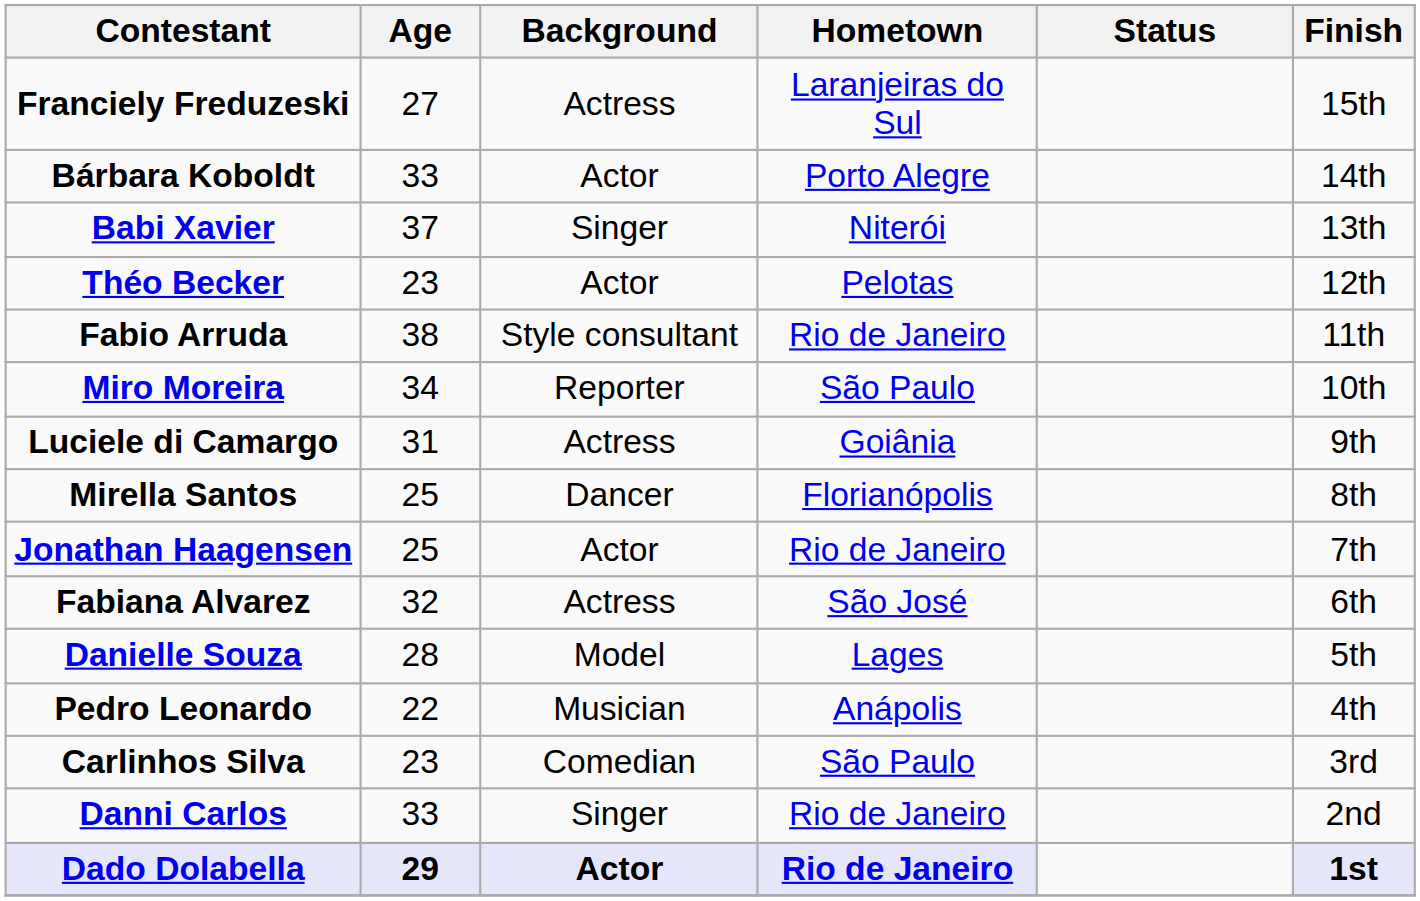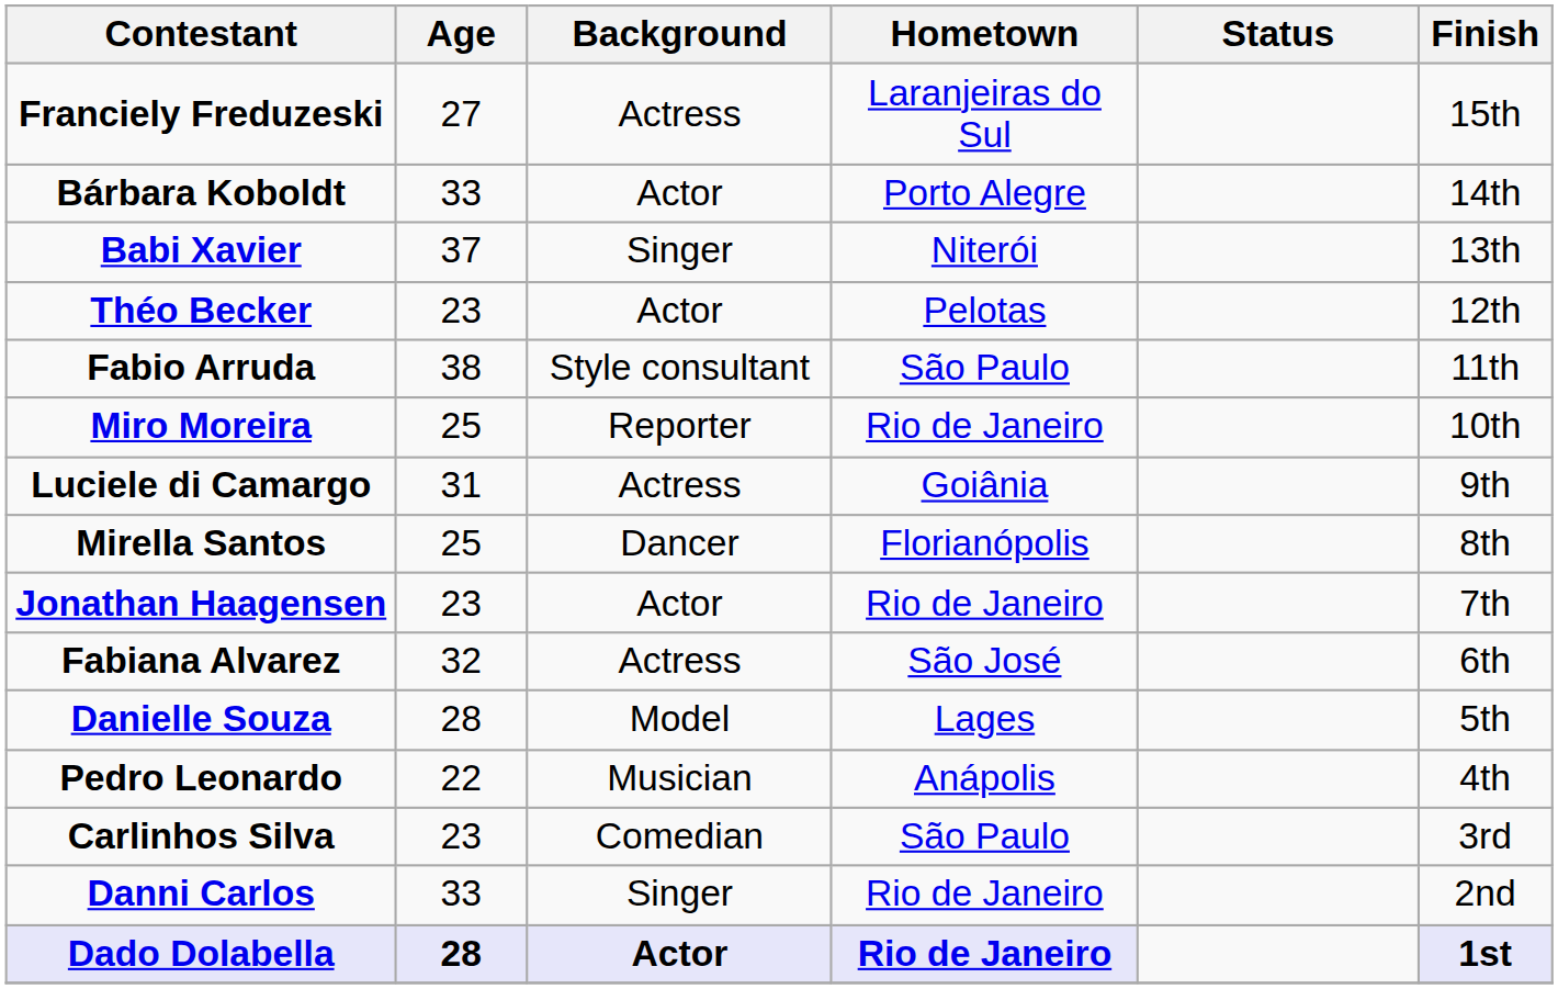 <table class= "wikitable sortable" style="text-align: center; margin:auto; align: center">
 <tr>
 <th width=150>Contestant</th>
 <th width=050>Age</th>
 <th width=125>Background</th>
 <th width=125>Hometown</th>
 <th width=115>Status</th>
 <th width=050>Finish</th>
 </tr>
 <tr>
 <td><strong>Franciely Freduzeski</strong></td>
 <td>27</td>
 <td>Actress</td>
 <td><a href='#'>Laranjeiras do Sul</a></td>
 <td><br></td>
 <td>15th</td>
 </tr>
 <tr>
 <td><strong>Bárbara Koboldt</strong></td>
 <td>33</td>
 <td>Actor</td>
 <td><a href='#'>Porto Alegre</a></td>
 <td><br></td>
 <td>14th</td>
 </tr>
 <tr>
 <td><strong><a href='#'>Babi Xavier</a></strong></td>
 <td>37</td>
 <td>Singer</td>
 <td><a href='#'>Niterói</a></td>
 <td><br></td>
 <td>13th</td>
 </tr>
 <tr>
 <td><strong><a href='#'>Théo Becker</a></strong></td>
 <td>23</td>
 <td>Actor</td>
 <td><a href='#'>Pelotas</a></td>
 <td><br></td>
 <td>12th</td>
 </tr>
 <tr>
 <td><strong>Fabio Arruda</strong></td>
 <td>38</td>
 <td>Style consultant</td>
-<td><a href='#'>Rio de Janeiro</a></td>
+<td><a href='#'>São Paulo</a></td>
 <td><br></td>
 <td>11th</td>
 </tr>
 <tr>
 <td><strong><a href='#'>Miro Moreira</a></strong></td>
-<td>34</td>
+<td>25</td>
 <td>Reporter</td>
-<td><a href='#'>São Paulo</a></td>
+<td><a href='#'>Rio de Janeiro</a></td>
 <td><br></td>
 <td>10th</td>
 </tr>
 <tr>
 <td><strong>Luciele di Camargo</strong></td>
 <td>31</td>
 <td>Actress</td>
 <td><a href='#'>Goiânia</a></td>
 <td><br></td>
 <td>9th</td>
 </tr>
 <tr>
 <td><strong>Mirella Santos</strong></td>
 <td>25</td>
 <td>Dancer</td>
 <td><a href='#'>Florianópolis</a></td>
 <td><br></td>
 <td>8th</td>
 </tr>
 <tr>
 <td nowrap><strong><a href='#'>Jonathan Haagensen</a></strong></td>
-<td>25</td>
+<td>23</td>
 <td>Actor</td>
 <td><a href='#'>Rio de Janeiro</a></td>
 <td><br></td>
 <td>7th</td>
 </tr>
 <tr>
 <td><strong>Fabiana Alvarez</strong></td>
 <td>32</td>
 <td>Actress</td>
 <td><a href='#'>São José</a></td>
 <td><br></td>
 <td>6th</td>
 </tr>
 <tr>
 <td><strong><a href='#'>Danielle Souza</a></strong></td>
 <td>28</td>
 <td>Model</td>
 <td><a href='#'>Lages</a></td>
 <td><br></td>
 <td>5th</td>
 </tr>
 <tr>
 <td><strong>Pedro Leonardo</strong></td>
 <td>22</td>
 <td>Musician</td>
 <td><a href='#'>Anápolis</a></td>
 <td><br></td>
 <td>4th</td>
 </tr>
 <tr>
 <td><strong>Carlinhos Silva</strong></td>
 <td>23</td>
 <td>Comedian</td>
 <td><a href='#'>São Paulo</a></td>
 <td><br></td>
 <td>3rd</td>
 </tr>
 <tr>
 <td><strong><a href='#'>Danni Carlos</a></strong></td>
 <td>33</td>
 <td>Singer</td>
 <td><a href='#'>Rio de Janeiro</a></td>
 <td><br></td>
 <td>2nd</td>
 </tr>
 <tr>
 <td bgcolor="E6E6FA" nowrap><strong><a href='#'>Dado Dolabella</a></strong></td>
-<td bgcolor="E6E6FA"><strong>29</strong></td>
+<td bgcolor="E6E6FA"><strong>28</strong></td>
 <td bgcolor="E6E6FA"><strong>Actor</strong></td>
 <td bgcolor="E6E6FA"><strong><a href='#'>Rio de Janeiro</a></strong></td>
 <td></td>
 <td bgcolor="E6E6FA"><strong>1st</strong></td>
 </tr>
 <tr>
 </tr>
 </table>
